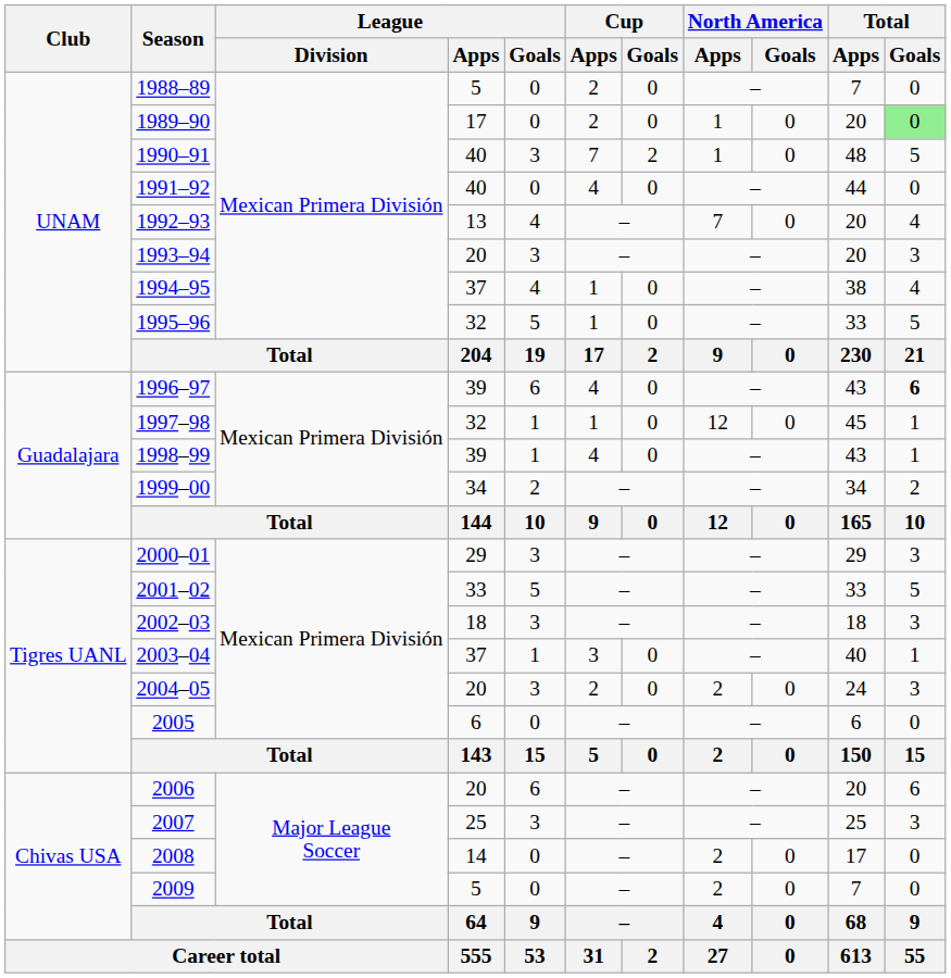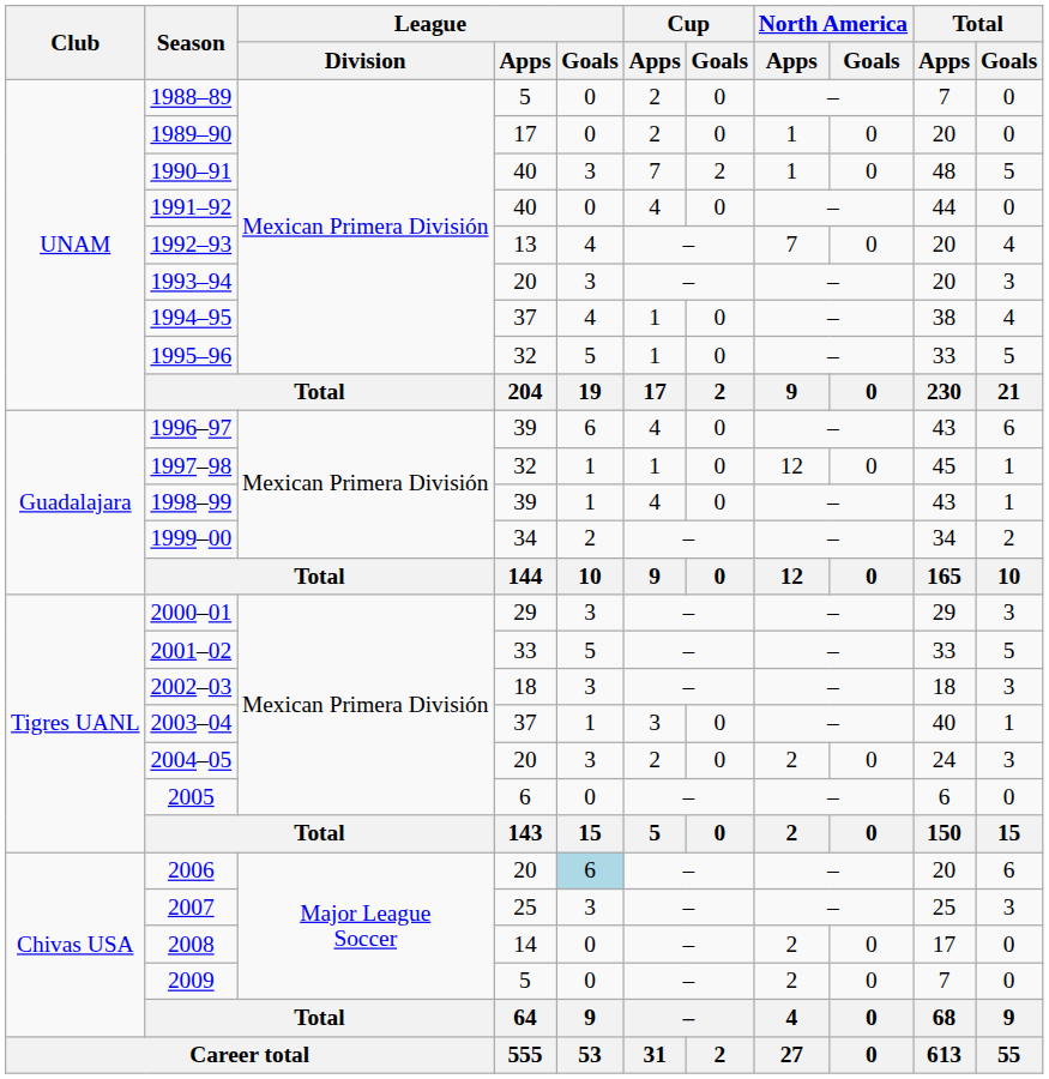 <table class="wikitable" style="text-align:center">
 <tr>
 <th rowspan="2">Club</th>
 <th rowspan="2">Season</th>
 <th colspan="3">League</th>
 <th colspan="2">Cup</th>
 <th colspan="2"><a href='#'>North America</a></th>
 <th colspan="2">Total</th>
 </tr>
 <tr>
 <th>Division</th>
 <th>Apps</th>
 <th>Goals</th>
 <th>Apps</th>
 <th>Goals</th>
 <th>Apps</th>
 <th>Goals</th>
 <th>Apps</th>
 <th>Goals</th>
 </tr>
 <tr>
 <td rowspan="9"><a href='#'>UNAM</a></td>
 <td><a href='#'>1988–89</a></td>
 <td rowspan="8"><a href='#'>Mexican Primera División</a></td>
 <td>5</td>
 <td>0</td>
 <td>2</td>
 <td>0</td>
 <td colspan="2">–</td>
 <td>7</td>
 <td>0</td>
 </tr>
 <tr>
 <td><a href='#'>1989–90</a></td>
 <td>17</td>
 <td>0</td>
 <td>2</td>
 <td>0</td>
 <td>1</td>
 <td>0</td>
 <td>20</td>
-<td style="background: lightgreen;">0</td>
+<td>0</td>
 </tr>
 <tr>
 <td><a href='#'>1990–91</a></td>
 <td>40</td>
 <td>3</td>
 <td>7</td>
 <td>2</td>
 <td>1</td>
 <td>0</td>
 <td>48</td>
 <td>5</td>
 </tr>
 <tr>
 <td><a href='#'>1991–92</a></td>
 <td>40</td>
 <td>0</td>
 <td>4</td>
 <td>0</td>
 <td colspan="2">–</td>
 <td>44</td>
 <td>0</td>
 </tr>
 <tr>
 <td><a href='#'>1992–93</a></td>
 <td>13</td>
 <td>4</td>
 <td colspan="2">–</td>
 <td>7</td>
 <td>0</td>
 <td>20</td>
 <td>4</td>
 </tr>
 <tr>
 <td><a href='#'>1993–94</a></td>
 <td>20</td>
 <td>3</td>
 <td colspan="2">–</td>
 <td colspan="2">–</td>
 <td>20</td>
 <td>3</td>
 </tr>
 <tr>
 <td><a href='#'>1994–95</a></td>
 <td>37</td>
 <td>4</td>
 <td>1</td>
 <td>0</td>
 <td colspan="2">–</td>
 <td>38</td>
 <td>4</td>
 </tr>
 <tr>
 <td><a href='#'>1995–96</a></td>
 <td>32</td>
 <td>5</td>
 <td>1</td>
 <td>0</td>
 <td colspan="2">–</td>
 <td>33</td>
 <td>5</td>
 </tr>
 <tr>
 <th colspan="2">Total</th>
 <th>204</th>
 <th>19</th>
 <th>17</th>
 <th>2</th>
 <th>9</th>
 <th>0</th>
 <th>230</th>
 <th>21</th>
 </tr>
 <tr>
 <td rowspan="5"><a href='#'>Guadalajara</a></td>
 <td><a href='#'>1996</a>–<a href='#'>97</a></td>
 <td rowspan="4">Mexican Primera División</td>
 <td>39</td>
 <td>6</td>
 <td>4</td>
 <td>0</td>
 <td colspan="2">–</td>
 <td>43</td>
-<td><strong>6</strong></td>
+<td>6</td>
 </tr>
 <tr>
 <td><a href='#'>1997</a>–<a href='#'>98</a></td>
 <td>32</td>
 <td>1</td>
 <td>1</td>
 <td>0</td>
 <td>12</td>
 <td>0</td>
 <td>45</td>
 <td>1</td>
 </tr>
 <tr>
 <td><a href='#'>1998</a>–<a href='#'>99</a></td>
 <td>39</td>
 <td>1</td>
 <td>4</td>
 <td>0</td>
 <td colspan="2">–</td>
 <td>43</td>
 <td>1</td>
 </tr>
 <tr>
 <td><a href='#'>1999</a>–<a href='#'>00</a></td>
 <td>34</td>
 <td>2</td>
 <td colspan="2">–</td>
 <td colspan="2">–</td>
 <td>34</td>
 <td>2</td>
 </tr>
 <tr>
 <th colspan="2">Total</th>
 <th>144</th>
 <th>10</th>
 <th>9</th>
 <th>0</th>
 <th>12</th>
 <th>0</th>
 <th>165</th>
 <th>10</th>
 </tr>
 <tr>
 <td rowspan="7"><a href='#'>Tigres UANL</a></td>
 <td><a href='#'>2000</a>–<a href='#'>01</a></td>
 <td rowspan="6">Mexican Primera División</td>
 <td>29</td>
 <td>3</td>
 <td colspan="2">–</td>
 <td colspan="2">–</td>
 <td>29</td>
 <td>3</td>
 </tr>
 <tr>
 <td><a href='#'>2001</a>–<a href='#'>02</a></td>
 <td>33</td>
 <td>5</td>
 <td colspan="2">–</td>
 <td colspan="2">–</td>
 <td>33</td>
 <td>5</td>
 </tr>
 <tr>
 <td><a href='#'>2002</a>–<a href='#'>03</a></td>
 <td>18</td>
 <td>3</td>
 <td colspan="2">–</td>
 <td colspan="2">–</td>
 <td>18</td>
 <td>3</td>
 </tr>
 <tr>
 <td><a href='#'>2003</a>–<a href='#'>04</a></td>
 <td>37</td>
 <td>1</td>
 <td>3</td>
 <td>0</td>
 <td colspan="2">–</td>
 <td>40</td>
 <td>1</td>
 </tr>
 <tr>
 <td><a href='#'>2004</a>–<a href='#'>05</a></td>
 <td>20</td>
 <td>3</td>
 <td>2</td>
 <td>0</td>
 <td>2</td>
 <td>0</td>
 <td>24</td>
 <td>3</td>
 </tr>
 <tr>
 <td><a href='#'>2005</a></td>
 <td>6</td>
 <td>0</td>
 <td colspan="2">–</td>
 <td colspan="2">–</td>
 <td>6</td>
 <td>0</td>
 </tr>
 <tr>
 <th colspan="2">Total</th>
 <th>143</th>
 <th>15</th>
 <th>5</th>
 <th>0</th>
 <th>2</th>
 <th>0</th>
 <th>150</th>
 <th>15</th>
 </tr>
 <tr>
 <td rowspan="5"><a href='#'>Chivas USA</a></td>
 <td><a href='#'>2006</a></td>
 <td rowspan="4"><a href='#'>Major League<br>Soccer</a></td>
 <td>20</td>
-<td>6</td>
+<td style="background: lightblue;">6</td>
 <td colspan="2">–</td>
 <td colspan="2">–</td>
 <td>20</td>
 <td>6</td>
 </tr>
 <tr>
 <td><a href='#'>2007</a></td>
 <td>25</td>
 <td>3</td>
 <td colspan="2">–</td>
 <td colspan="2">–</td>
 <td>25</td>
 <td>3</td>
 </tr>
 <tr>
 <td><a href='#'>2008</a></td>
 <td>14</td>
 <td>0</td>
 <td colspan="2">–</td>
 <td>2</td>
 <td>0</td>
 <td>17</td>
 <td>0</td>
 </tr>
 <tr>
 <td><a href='#'>2009</a></td>
 <td>5</td>
 <td>0</td>
 <td colspan="2">–</td>
 <td>2</td>
 <td>0</td>
 <td>7</td>
 <td>0</td>
 </tr>
 <tr>
 <th colspan="2">Total</th>
 <th>64</th>
 <th>9</th>
 <th colspan="2">–</th>
 <th>4</th>
 <th>0</th>
 <th>68</th>
 <th>9</th>
 </tr>
 <tr>
 <th colspan="3">Career total</th>
 <th>555</th>
 <th>53</th>
 <th>31</th>
 <th>2</th>
 <th>27</th>
 <th>0</th>
 <th>613</th>
 <th>55</th>
 </tr>
 </table>
